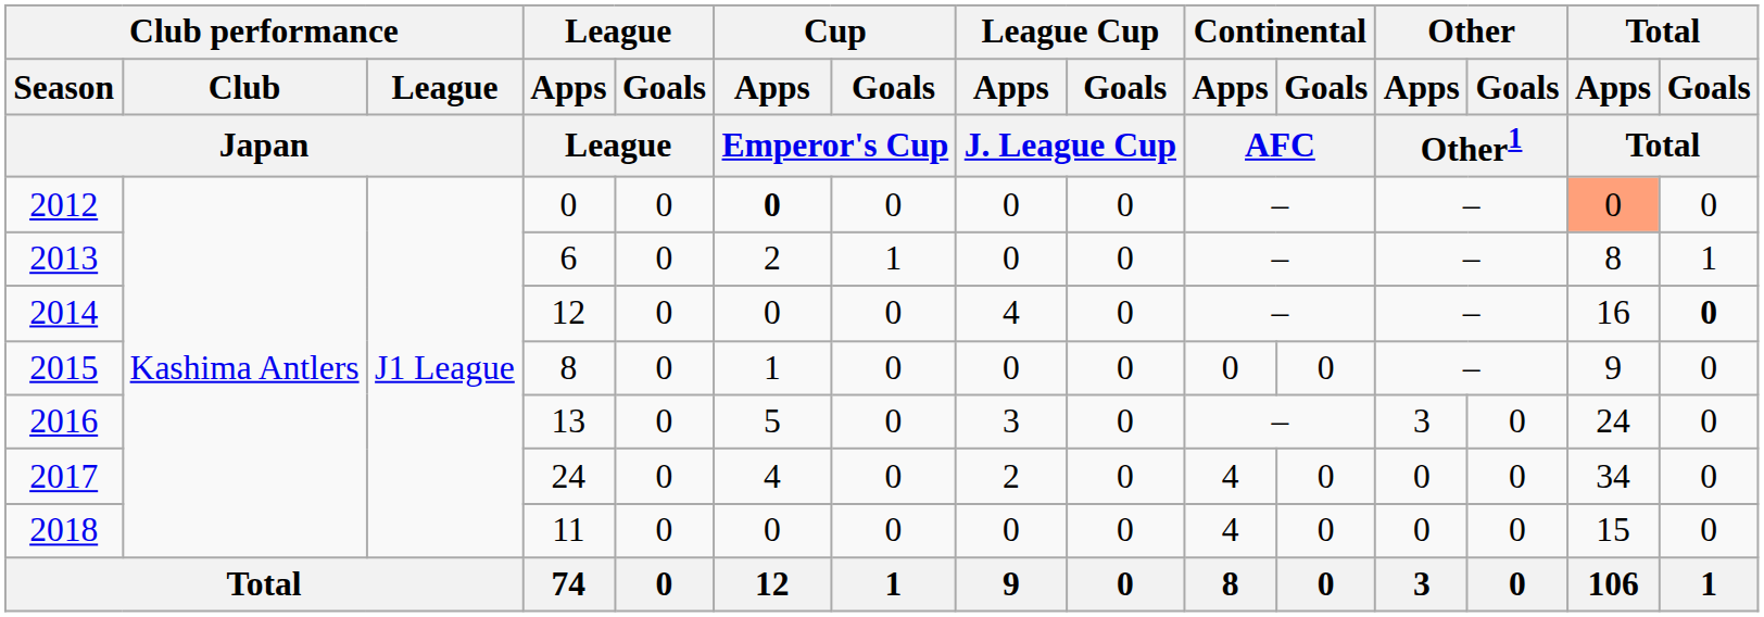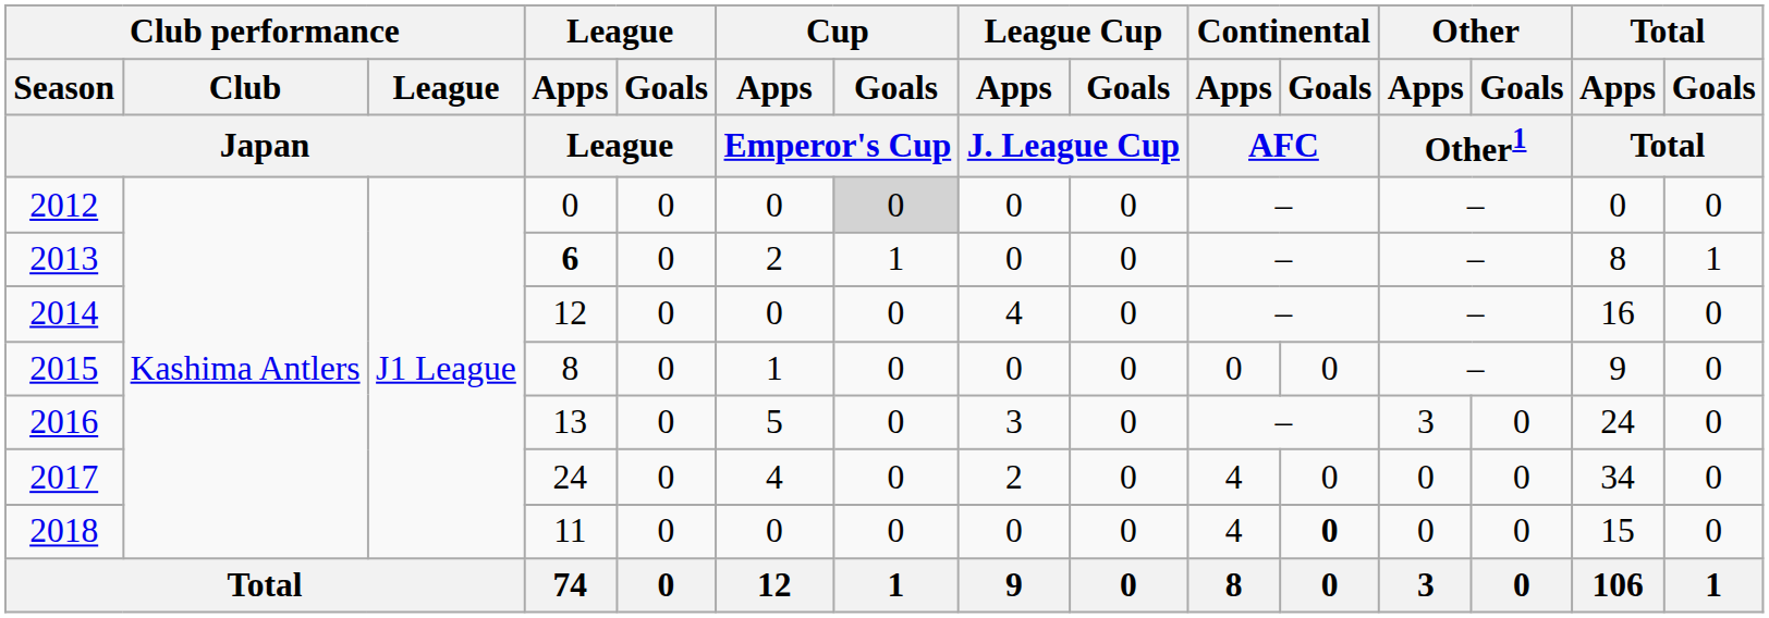 <table class="wikitable" style="text-align:center;">
 <tr>
 <th colspan=3>Club performance</th>
 <th colspan=2>League</th>
 <th colspan=2>Cup</th>
 <th colspan=2>League Cup</th>
 <th colspan=2>Continental</th>
 <th colspan=2>Other</th>
 <th colspan=2>Total</th>
 </tr>
 <tr>
 <th>Season</th>
 <th>Club</th>
 <th>League</th>
 <th>Apps</th>
 <th>Goals</th>
 <th>Apps</th>
 <th>Goals</th>
 <th>Apps</th>
 <th>Goals</th>
 <th>Apps</th>
 <th>Goals</th>
 <th>Apps</th>
 <th>Goals</th>
 <th>Apps</th>
 <th>Goals</th>
 </tr>
 <tr>
 <th colspan=3>Japan</th>
 <th colspan=2>League</th>
 <th colspan=2><a href='#'>Emperor's Cup</a></th>
 <th colspan=2><a href='#'>J. League Cup</a></th>
 <th colspan=2><a href='#'>AFC</a></th>
 <th colspan="2">Other<sup><a href='#'>1</a></sup></th>
 <th colspan=2>Total</th>
 </tr>
 <tr>
 <td><a href='#'>2012</a></td>
 <td rowspan="7"><a href='#'>Kashima Antlers</a></td>
 <td rowspan="7"><a href='#'>J1 League</a></td>
 <td>0</td>
 <td>0</td>
-<td><strong>0</strong></td>
 <td>0</td>
+<td style="background: lightgrey;">0</td>
 <td>0</td>
 <td>0</td>
 <td colspan="2">–</td>
 <td colspan="2">–</td>
-<td style="background: lightsalmon;">0</td>
+<td>0</td>
 <td>0</td>
 </tr>
 <tr>
 <td><a href='#'>2013</a></td>
-<td>6</td>
+<td><strong>6</strong></td>
 <td>0</td>
 <td>2</td>
 <td>1</td>
 <td>0</td>
 <td>0</td>
 <td colspan="2">–</td>
 <td colspan="2">–</td>
 <td>8</td>
 <td>1</td>
 </tr>
 <tr>
 <td><a href='#'>2014</a></td>
 <td>12</td>
 <td>0</td>
 <td>0</td>
 <td>0</td>
 <td>4</td>
 <td>0</td>
 <td colspan="2">–</td>
 <td colspan="2">–</td>
 <td>16</td>
-<td><strong>0</strong></td>
+<td>0</td>
 </tr>
 <tr>
 <td><a href='#'>2015</a></td>
 <td>8</td>
 <td>0</td>
 <td>1</td>
 <td>0</td>
 <td>0</td>
 <td>0</td>
 <td>0</td>
 <td>0</td>
 <td colspan="2">–</td>
 <td>9</td>
 <td>0</td>
 </tr>
 <tr>
 <td><a href='#'>2016</a></td>
 <td>13</td>
 <td>0</td>
 <td>5</td>
 <td>0</td>
 <td>3</td>
 <td>0</td>
 <td colspan="2">–</td>
 <td>3</td>
 <td>0</td>
 <td>24</td>
 <td>0</td>
 </tr>
 <tr>
 <td><a href='#'>2017</a></td>
 <td>24</td>
 <td>0</td>
 <td>4</td>
 <td>0</td>
 <td>2</td>
 <td>0</td>
 <td>4</td>
 <td>0</td>
 <td>0</td>
 <td>0</td>
 <td>34</td>
 <td>0</td>
 </tr>
 <tr>
 <td><a href='#'>2018</a></td>
 <td>11</td>
 <td>0</td>
 <td>0</td>
 <td>0</td>
 <td>0</td>
 <td>0</td>
 <td>4</td>
-<td>0</td>
+<td><strong>0</strong></td>
 <td>0</td>
 <td>0</td>
 <td>15</td>
 <td>0</td>
 </tr>
 <tr>
 <th colspan=3>Total</th>
 <th>74</th>
 <th>0</th>
 <th>12</th>
 <th>1</th>
 <th>9</th>
 <th>0</th>
 <th>8</th>
 <th>0</th>
 <th>3</th>
 <th>0</th>
 <th>106</th>
 <th>1</th>
 </tr>
 </table>
